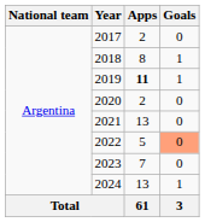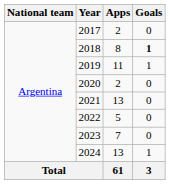 <table class="wikitable" style="text-align:center">
 <tr>
 <th>National team</th>
 <th>Year</th>
 <th>Apps</th>
 <th>Goals</th>
 </tr>
 <tr>
 <td rowspan="8"><a href='#'>Argentina</a></td>
 <td>2017</td>
 <td>2</td>
 <td>0</td>
 </tr>
 <tr>
 <td>2018</td>
 <td>8</td>
-<td>1</td>
+<td><strong>1</strong></td>
 </tr>
 <tr>
 <td>2019</td>
-<td><strong>11</strong></td>
+<td>11</td>
 <td>1</td>
 </tr>
 <tr>
 <td>2020</td>
 <td>2</td>
 <td>0</td>
 </tr>
 <tr>
 <td>2021</td>
 <td>13</td>
 <td>0</td>
 </tr>
 <tr>
 <td>2022</td>
 <td>5</td>
-<td style="background: lightsalmon;">0</td>
+<td>0</td>
 </tr>
 <tr>
 <td>2023</td>
 <td>7</td>
 <td>0</td>
 </tr>
 <tr>
 <td>2024</td>
 <td>13</td>
 <td>1</td>
 </tr>
 <tr>
 <th colspan="2">Total</th>
 <th>61</th>
 <th>3</th>
 </tr>
 </table>
